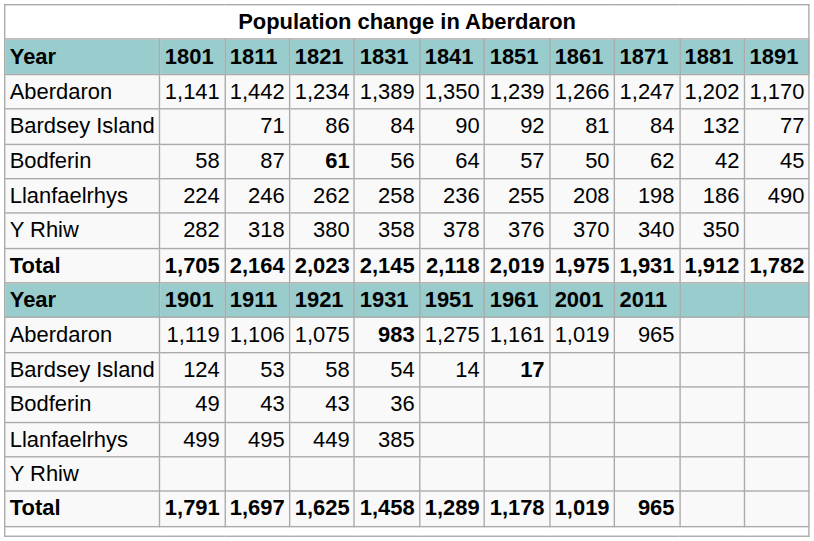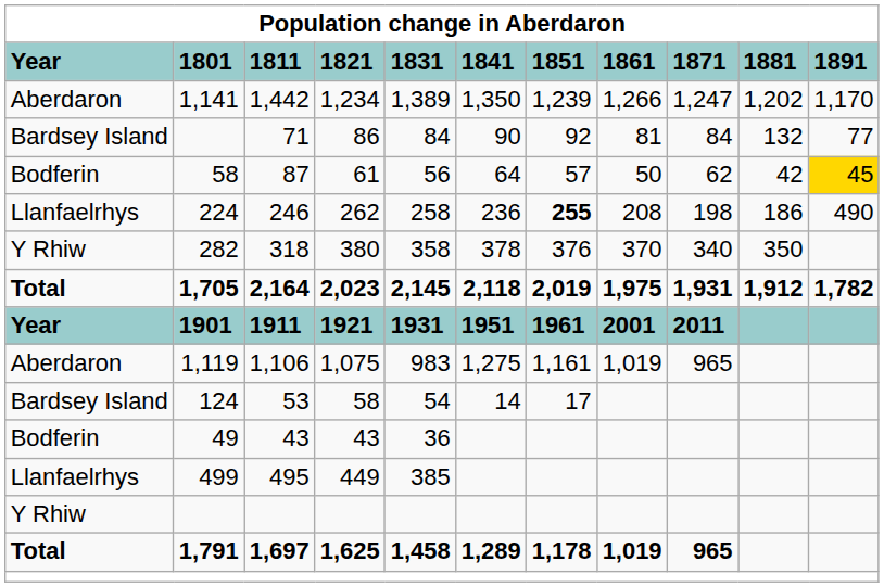 <table class="wikitable" border="1" align="center">
 <tr>
 <th colspan="11" style="background:white"><strong>Population change in Aberdaron</strong></th>
 </tr>
 <tr style="background:#9cc" >
 <td><strong>Year</strong></td>
 <td><strong>1801</strong></td>
 <td><strong>1811</strong></td>
 <td><strong>1821</strong></td>
 <td><strong>1831</strong></td>
 <td><strong>1841</strong></td>
 <td><strong>1851</strong></td>
 <td><strong>1861</strong></td>
 <td><strong>1871</strong></td>
 <td><strong>1881</strong></td>
 <td><strong>1891</strong></td>
 </tr>
 <tr>
 <td>Aberdaron</td>
 <td align="right">1,141</td>
 <td align="right">1,442</td>
 <td align="right">1,234</td>
 <td align="right">1,389</td>
 <td align="right">1,350</td>
 <td align="right">1,239</td>
 <td align="right">1,266</td>
 <td align="right">1,247</td>
 <td align="right">1,202</td>
 <td align="right">1,170</td>
 </tr>
 <tr>
 <td>Bardsey Island</td>
 <td></td>
 <td align="right">71</td>
 <td align="right">86</td>
 <td align="right">84</td>
 <td align="right">90</td>
 <td align="right">92</td>
 <td align="right">81</td>
 <td align="right">84</td>
 <td align="right">132</td>
 <td align="right">77</td>
 </tr>
 <tr>
 <td>Bodferin</td>
 <td align="right">58</td>
 <td align="right">87</td>
-<td align="right"><strong>61</strong></td>
+<td align="right">61</td>
 <td align="right">56</td>
 <td align="right">64</td>
 <td align="right">57</td>
 <td align="right">50</td>
 <td align="right">62</td>
 <td align="right">42</td>
-<td align="right">45</td>
+<td align="right" style="background: gold;">45</td>
 </tr>
 <tr>
 <td>Llanfaelrhys</td>
 <td align="right">224</td>
 <td align="right">246</td>
 <td align="right">262</td>
 <td align="right">258</td>
 <td align="right">236</td>
-<td align="right">255</td>
+<td align="right"><strong>255</strong></td>
 <td align="right">208</td>
 <td align="right">198</td>
 <td align="right">186</td>
 <td align="right">490</td>
 </tr>
 <tr>
 <td>Y Rhiw</td>
 <td align="right">282</td>
 <td align="right">318</td>
 <td align="right">380</td>
 <td align="right">358</td>
 <td align="right">378</td>
 <td align="right">376</td>
 <td align="right">370</td>
 <td align="right">340</td>
 <td align="right">350</td>
 <td></td>
 </tr>
 <tr>
 <td><strong>Total</strong></td>
 <td align="right"><strong>1,705</strong></td>
 <td align="right"><strong>2,164</strong></td>
 <td align="right"><strong>2,023</strong></td>
 <td align="right"><strong>2,145</strong></td>
 <td align="right"><strong>2,118</strong></td>
 <td align="right"><strong>2,019</strong></td>
 <td align="right"><strong>1,975</strong></td>
 <td align="right"><strong>1,931</strong></td>
 <td align="right"><strong>1,912</strong></td>
 <td align="right"><strong>1,782</strong></td>
 </tr>
 <tr style="background:#9cc">
 <td><strong>Year</strong></td>
 <td><strong>1901</strong></td>
 <td><strong>1911</strong></td>
 <td><strong>1921</strong></td>
 <td><strong>1931</strong></td>
 <td><strong>1951</strong></td>
 <td><strong>1961</strong></td>
 <td><strong>2001</strong></td>
 <td><strong>2011</strong></td>
 <td><strong> </strong></td>
 <td><strong> </strong></td>
 </tr>
 <tr>
 <td>Aberdaron</td>
 <td align="right">1,119</td>
 <td align="right">1,106</td>
 <td align="right">1,075</td>
-<td align="right"><strong>983</strong></td>
+<td align="right">983</td>
 <td align="right">1,275</td>
 <td align="right">1,161</td>
 <td align="right">1,019</td>
 <td align="right">965</td>
 <td></td>
 <td></td>
 </tr>
 <tr>
 <td>Bardsey Island</td>
 <td align="right">124</td>
 <td align="right">53</td>
 <td align="right">58</td>
 <td align="right">54</td>
 <td align="right">14</td>
-<td align="right"><strong>17</strong></td>
+<td align="right">17</td>
 <td></td>
 <td></td>
 <td></td>
 <td></td>
 </tr>
 <tr>
 <td>Bodferin</td>
 <td align="right">49</td>
 <td align="right">43</td>
 <td align="right">43</td>
 <td align="right">36</td>
 <td></td>
 <td></td>
 <td></td>
 <td></td>
 <td></td>
 <td></td>
 </tr>
 <tr>
 <td>Llanfaelrhys</td>
 <td align="right">499</td>
 <td align="right">495</td>
 <td align="right">449</td>
 <td align="right">385</td>
 <td></td>
 <td></td>
 <td></td>
 <td></td>
 <td></td>
 <td></td>
 </tr>
 <tr>
 <td>Y Rhiw</td>
 <td></td>
 <td></td>
 <td></td>
 <td></td>
 <td></td>
 <td></td>
 <td></td>
 <td></td>
 <td></td>
 <td></td>
 </tr>
 <tr>
 <td><strong>Total</strong></td>
 <td align="right"><strong>1,791</strong></td>
 <td align="right"><strong>1,697</strong></td>
 <td align="right"><strong>1,625</strong></td>
 <td align="right"><strong>1,458</strong></td>
 <td align="right"><strong>1,289</strong></td>
 <td align="right"><strong>1,178</strong></td>
 <td align="right"><strong>1,019</strong></td>
 <td align="right"><strong>965</strong></td>
 <td></td>
 <td></td>
 </tr>
 <tr>
 <td colspan="11" align="left" style="background:white;line-height:120%"></td>
 </tr>
 </table>
